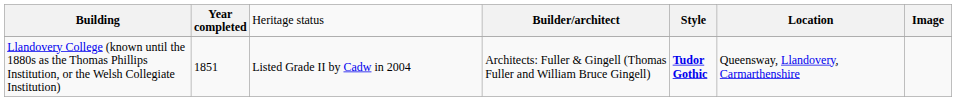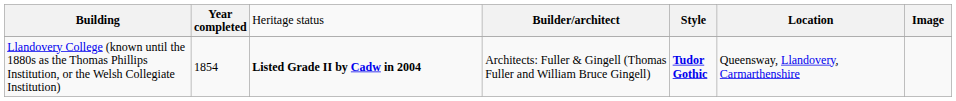 <table class="wikitable" style="margin:1em auto;">
 <tr>
 <th width=20%>Building</th>
 <th width=5%>Year completed</th>
 <td width=25%>Heritage status</td>
 <th width=20%>Builder/architect</th>
 <th width=5%>Style</th>
 <th width=20%>Location</th>
 <th width=5%>Image</th>
 </tr>
 <tr>
 </tr>
 <tr>
 <td><a href='#'>Llandovery College</a> (known until the 1880s as the Thomas Phillips Institution, or the Welsh Collegiate Institution)</td>
-<td>1851</td>
-<td>Listed Grade II by <a href='#'>Cadw</a> in 2004</td>
+<td>1854</td>
+<td><strong>Listed Grade II by <a href='#'>Cadw</a> in 2004</strong></td>
 <td>Architects: Fuller & Gingell (Thomas Fuller and William Bruce Gingell)</td>
 <td><strong><a href='#'>Tudor Gothic</a></strong></td>
 <td>Queensway, <a href='#'>Llandovery</a>, <a href='#'>Carmarthenshire</a></td>
 <td></td>
 </tr>
 </table>
